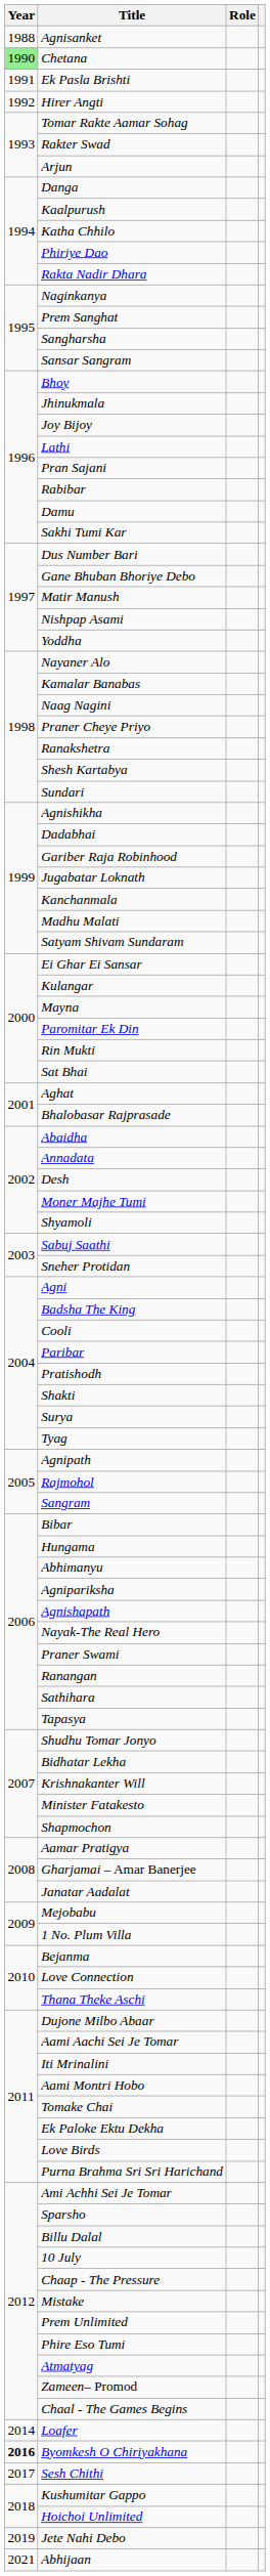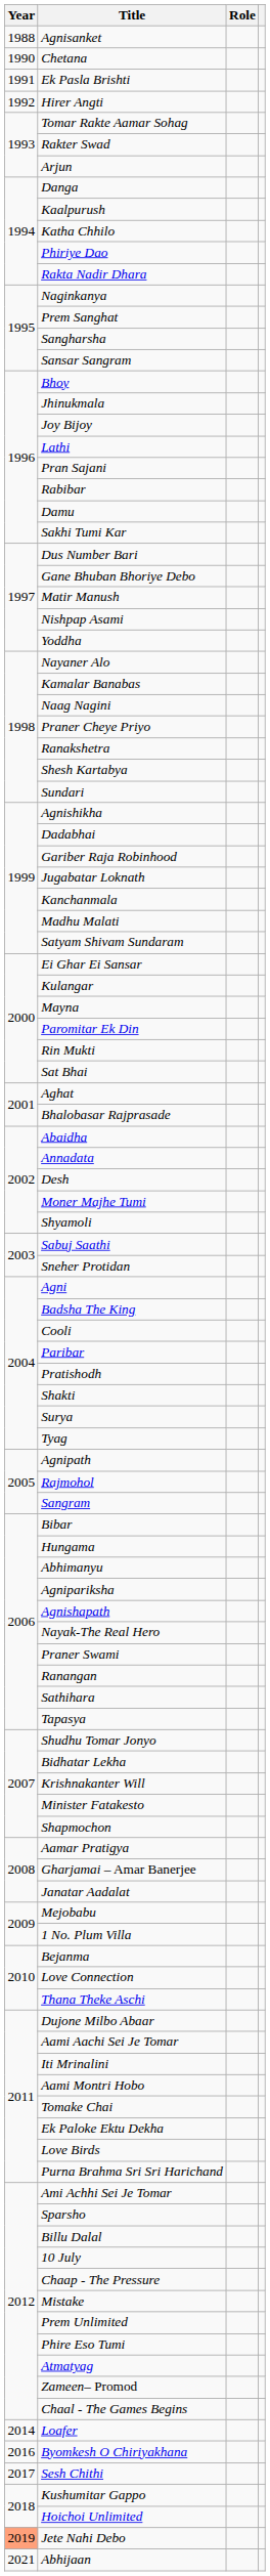 <table class="wikitable">
 <tr>
 <th>Year</th>
 <th>Title</th>
 <th>Role</th>
 <th></th>
 </tr>
 <tr>
 <td>1988</td>
 <td><em>Agnisanket</em></td>
 <td></td>
 <td></td>
 </tr>
 <tr>
-<td style="background: lightgreen;">1990</td>
+<td>1990</td>
 <td><em>Chetana</em></td>
 <td></td>
 <td></td>
 </tr>
 <tr>
 <td>1991</td>
 <td><em>Ek Pasla Brishti</em></td>
 <td></td>
 <td></td>
 </tr>
 <tr>
 <td>1992</td>
 <td><em>Hirer Angti</em></td>
 <td></td>
 <td></td>
 </tr>
 <tr>
 <td rowspan="3">1993</td>
 <td><em>Tomar Rakte Aamar Sohag</em></td>
 <td></td>
 <td></td>
 </tr>
 <tr>
 <td><em>Rakter Swad</em></td>
 <td></td>
 <td></td>
 </tr>
 <tr>
 <td><em>Arjun</em></td>
 <td></td>
 <td></td>
 </tr>
 <tr>
 <td rowspan="5">1994</td>
 <td><em>Danga</em></td>
 <td></td>
 <td></td>
 </tr>
 <tr>
 <td><em>Kaalpurush</em></td>
 <td></td>
 <td></td>
 </tr>
 <tr>
 <td><em>Katha Chhilo</em></td>
 <td></td>
 <td></td>
 </tr>
 <tr>
 <td><em><a href='#'>Phiriye Dao</a></em></td>
 <td></td>
 <td></td>
 </tr>
 <tr>
 <td><em><a href='#'>Rakta Nadir Dhara</a></em></td>
 <td></td>
 <td></td>
 </tr>
 <tr>
 <td rowspan="4">1995</td>
 <td><em>Naginkanya</em></td>
 <td></td>
 <td></td>
 </tr>
 <tr>
 <td><em>Prem Sanghat</em></td>
 <td></td>
 <td></td>
 </tr>
 <tr>
 <td><em>Sangharsha</em></td>
 <td></td>
 <td></td>
 </tr>
 <tr>
 <td><em>Sansar Sangram</em></td>
 <td></td>
 <td></td>
 </tr>
 <tr>
 <td rowspan="8">1996</td>
 <td><em><a href='#'>Bhoy</a></em></td>
 <td></td>
 <td></td>
 </tr>
 <tr>
 <td><em>Jhinukmala</em></td>
 <td></td>
 <td></td>
 </tr>
 <tr>
 <td><em>Joy Bijoy</em></td>
 <td></td>
 <td></td>
 </tr>
 <tr>
 <td><em><a href='#'>Lathi</a></em></td>
 <td></td>
 <td></td>
 </tr>
 <tr>
 <td><em>Pran Sajani</em></td>
 <td></td>
 <td></td>
 </tr>
 <tr>
 <td><em>Rabibar</em></td>
 <td></td>
 <td></td>
 </tr>
 <tr>
 <td><em>Damu</em></td>
 <td></td>
 <td></td>
 </tr>
 <tr>
 <td><em>Sakhi Tumi Kar</em></td>
 <td></td>
 <td></td>
 </tr>
 <tr>
 <td rowspan="5">1997</td>
 <td><em>Dus Number Bari</em></td>
 <td></td>
 <td></td>
 </tr>
 <tr>
 <td><em>Gane Bhuban Bhoriye Debo</em></td>
 <td></td>
 <td></td>
 </tr>
 <tr>
 <td><em>Matir Manush</em></td>
 <td></td>
 <td></td>
 </tr>
 <tr>
 <td><em>Nishpap Asami</em></td>
 <td></td>
 <td></td>
 </tr>
 <tr>
 <td><em>Yoddha</em></td>
 <td></td>
 <td></td>
 </tr>
 <tr>
 <td rowspan="7">1998</td>
 <td><em>Nayaner Alo</em></td>
 <td></td>
 <td></td>
 </tr>
 <tr>
 <td><em>Kamalar Banabas</em></td>
 <td></td>
 <td></td>
 </tr>
 <tr>
 <td><em>Naag Nagini</em></td>
 <td></td>
 <td></td>
 </tr>
 <tr>
 <td><em>Praner Cheye Priyo</em></td>
 <td></td>
 <td></td>
 </tr>
 <tr>
 <td><em>Ranakshetra</em></td>
 <td></td>
 <td></td>
 </tr>
 <tr>
 <td><em>Shesh Kartabya</em></td>
 <td></td>
 <td></td>
 </tr>
 <tr>
 <td><em>Sundari</em></td>
 <td></td>
 <td></td>
 </tr>
 <tr>
 <td rowspan="7">1999</td>
 <td><em>Agnishikha</em></td>
 <td></td>
 <td></td>
 </tr>
 <tr>
 <td><em>Dadabhai</em></td>
 <td></td>
 <td></td>
 </tr>
 <tr>
 <td><em>Gariber Raja Robinhood</em></td>
 <td></td>
 <td></td>
 </tr>
 <tr>
 <td><em>Jugabatar Loknath</em></td>
 <td></td>
 <td></td>
 </tr>
 <tr>
 <td><em>Kanchanmala</em></td>
 <td></td>
 <td></td>
 </tr>
 <tr>
 <td><em>Madhu Malati</em></td>
 <td></td>
 <td></td>
 </tr>
 <tr>
 <td><em>Satyam Shivam Sundaram</em></td>
 <td></td>
 <td></td>
 </tr>
 <tr>
 <td rowspan="6">2000</td>
 <td><em>Ei Ghar Ei Sansar</em></td>
 <td></td>
 <td></td>
 </tr>
 <tr>
 <td><em>Kulangar</em></td>
 <td></td>
 <td></td>
 </tr>
 <tr>
 <td><em>Mayna</em></td>
 <td></td>
 <td></td>
 </tr>
 <tr>
 <td><em><a href='#'>Paromitar Ek Din</a></em></td>
 <td></td>
 <td></td>
 </tr>
 <tr>
 <td><em>Rin Mukti</em></td>
 <td></td>
 <td></td>
 </tr>
 <tr>
 <td><em>Sat Bhai</em></td>
 <td></td>
 <td></td>
 </tr>
 <tr>
 <td rowspan="2">2001</td>
 <td><em>Aghat</em></td>
 <td></td>
 <td></td>
 </tr>
 <tr>
 <td><em>Bhalobasar Rajprasade</em></td>
 <td></td>
 <td></td>
 </tr>
 <tr>
 <td rowspan="5">2002</td>
 <td><em><a href='#'>Abaidha</a></em></td>
 <td></td>
 <td></td>
 </tr>
 <tr>
 <td><em><a href='#'>Annadata</a></em></td>
 <td></td>
 <td></td>
 </tr>
 <tr>
 <td><em>Desh</em></td>
 <td></td>
 <td></td>
 </tr>
 <tr>
 <td><em><a href='#'>Moner Majhe Tumi</a></em></td>
 <td></td>
 <td></td>
 </tr>
 <tr>
 <td><em>Shyamoli</em></td>
 <td></td>
 <td></td>
 </tr>
 <tr>
 <td rowspan="2">2003</td>
 <td><em><a href='#'>Sabuj Saathi</a></em></td>
 <td></td>
 <td></td>
 </tr>
 <tr>
 <td><em>Sneher Protidan</em></td>
 <td></td>
 <td></td>
 </tr>
 <tr>
 <td rowspan="8">2004</td>
 <td><em><a href='#'>Agni</a></em></td>
 <td></td>
 <td></td>
 </tr>
 <tr>
 <td><em><a href='#'>Badsha The King</a></em></td>
 <td></td>
 <td></td>
 </tr>
 <tr>
 <td><em>Cooli</em></td>
 <td></td>
 <td></td>
 </tr>
 <tr>
 <td><em><a href='#'>Paribar</a></em></td>
 <td></td>
 <td></td>
 </tr>
 <tr>
 <td><em>Pratishodh</em></td>
 <td></td>
 <td></td>
 </tr>
 <tr>
 <td><em>Shakti</em></td>
 <td></td>
 <td></td>
 </tr>
 <tr>
 <td><em>Surya</em></td>
 <td></td>
 <td></td>
 </tr>
 <tr>
 <td><em>Tyag</em></td>
 <td></td>
 <td></td>
 </tr>
 <tr>
 <td rowspan="3">2005</td>
 <td><em>Agnipath</em></td>
 <td></td>
 <td></td>
 </tr>
 <tr>
 <td><em><a href='#'>Rajmohol</a></em></td>
 <td></td>
 <td></td>
 </tr>
 <tr>
 <td><em><a href='#'>Sangram</a></em></td>
 <td></td>
 <td></td>
 </tr>
 <tr>
 <td rowspan="10">2006</td>
 <td><em>Bibar</em></td>
 <td></td>
 <td></td>
 </tr>
 <tr>
 <td><em>Hungama</em></td>
 <td></td>
 <td></td>
 </tr>
 <tr>
 <td><em>Abhimanyu</em></td>
 <td></td>
 <td></td>
 </tr>
 <tr>
 <td><em>Agnipariksha</em></td>
 <td></td>
 <td></td>
 </tr>
 <tr>
 <td><em><a href='#'>Agnishapath</a></em></td>
 <td></td>
 <td></td>
 </tr>
 <tr>
 <td><em>Nayak-The Real Hero</em></td>
 <td></td>
 <td></td>
 </tr>
 <tr>
 <td><em>Praner Swami</em></td>
 <td></td>
 <td></td>
 </tr>
 <tr>
 <td><em>Ranangan</em></td>
 <td></td>
 <td></td>
 </tr>
 <tr>
 <td><em>Sathihara</em></td>
 <td></td>
 <td></td>
 </tr>
 <tr>
 <td><em>Tapasya</em></td>
 <td></td>
 <td></td>
 </tr>
 <tr>
 <td rowspan="5">2007</td>
 <td><em>Shudhu Tomar Jonyo</em></td>
 <td></td>
 <td></td>
 </tr>
 <tr>
 <td><em>Bidhatar Lekha</em></td>
 <td></td>
 <td></td>
 </tr>
 <tr>
 <td><em>Krishnakanter Will</em></td>
 <td></td>
 <td></td>
 </tr>
 <tr>
 <td><em>Minister Fatakesto</em></td>
 <td></td>
 <td></td>
 </tr>
 <tr>
 <td><em>Shapmochon</em></td>
 <td></td>
 <td></td>
 </tr>
 <tr>
 <td rowspan="3">2008</td>
 <td><em>Aamar Pratigya</em></td>
 <td></td>
 <td></td>
 </tr>
 <tr>
 <td><em>Gharjamai</em> – Amar Banerjee</td>
 <td></td>
 <td></td>
 </tr>
 <tr>
 <td><em>Janatar Aadalat</em></td>
 <td></td>
 <td></td>
 </tr>
 <tr>
 <td rowspan="2">2009</td>
 <td><em>Mejobabu</em></td>
 <td></td>
 <td></td>
 </tr>
 <tr>
 <td><em>1 No. Plum Villa</em></td>
 <td></td>
 <td></td>
 </tr>
 <tr>
 <td rowspan="3">2010</td>
 <td><em>Bejanma</em></td>
 <td></td>
 <td></td>
 </tr>
 <tr>
 <td><em>Love Connection</em></td>
 <td></td>
 <td></td>
 </tr>
 <tr>
 <td><em><a href='#'>Thana Theke Aschi</a></em></td>
 <td></td>
 <td></td>
 </tr>
 <tr>
 <td rowspan="8">2011</td>
 <td><em>Dujone Milbo Abaar</em></td>
 <td></td>
 <td></td>
 </tr>
 <tr>
 <td><em>Aami Aachi Sei Je Tomar</em></td>
 <td></td>
 <td></td>
 </tr>
 <tr>
 <td><em>Iti Mrinalini</em></td>
 <td></td>
 <td></td>
 </tr>
 <tr>
 <td><em>Aami Montri Hobo</em></td>
 <td></td>
 <td></td>
 </tr>
 <tr>
 <td><em>Tomake Chai</em></td>
 <td></td>
 <td></td>
 </tr>
 <tr>
 <td><em>Ek Paloke Ektu Dekha</em></td>
 <td></td>
 <td></td>
 </tr>
 <tr>
 <td><em>Love Birds</em></td>
 <td></td>
 <td></td>
 </tr>
 <tr>
 <td><em>Purna Brahma Sri Sri Harichand</em></td>
 <td></td>
 <td></td>
 </tr>
 <tr>
 <td rowspan="11">2012</td>
 <td><em>Ami Achhi Sei Je Tomar</em></td>
 <td></td>
 <td></td>
 </tr>
 <tr>
 <td><em>Sparsho</em></td>
 <td></td>
 <td></td>
 </tr>
 <tr>
 <td><em>Billu Dalal</em></td>
 <td></td>
 <td></td>
 </tr>
 <tr>
 <td><em>10 July</em></td>
 <td></td>
 <td></td>
 </tr>
 <tr>
 <td><em>Chaap - The Pressure</em></td>
 <td></td>
 <td></td>
 </tr>
 <tr>
 <td><em>Mistake</em></td>
 <td></td>
 <td></td>
 </tr>
 <tr>
 <td><em>Prem Unlimited</em></td>
 <td></td>
 <td></td>
 </tr>
 <tr>
 <td><em>Phire Eso Tumi</em></td>
 <td></td>
 <td></td>
 </tr>
 <tr>
 <td><em><a href='#'>Atmatyag</a></em></td>
 <td></td>
 <td></td>
 </tr>
 <tr>
 <td><em>Zameen</em>– Promod</td>
 <td></td>
 <td></td>
 </tr>
 <tr>
 <td><em>Chaal - The Games Begins</em></td>
 <td></td>
 <td></td>
 </tr>
 <tr>
 <td>2014</td>
 <td><em><a href='#'>Loafer</a></em></td>
 <td></td>
 <td></td>
 </tr>
 <tr>
-<td><strong>2016</strong></td>
+<td>2016</td>
 <td><em><a href='#'>Byomkesh O Chiriyakhana</a></em></td>
 <td></td>
 <td></td>
 </tr>
 <tr>
 <td>2017</td>
 <td><em><a href='#'>Sesh Chithi</a></em></td>
 <td></td>
 <td></td>
 </tr>
 <tr>
 <td rowspan="2">2018</td>
 <td><em>Kushumitar Gappo</em></td>
 <td></td>
 <td></td>
 </tr>
 <tr>
 <td><em><a href='#'>Hoichoi Unlimited</a></em></td>
 <td></td>
 <td></td>
 </tr>
 <tr>
-<td>2019</td>
+<td style="background: lightsalmon;">2019</td>
 <td><em>Jete Nahi Debo</em></td>
 <td></td>
 <td></td>
 </tr>
 <tr>
 <td>2021</td>
 <td><em>Abhijaan</em></td>
 <td></td>
 <td></td>
 </tr>
 </table>
